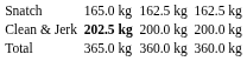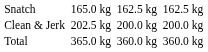 <table>
 <tr>
 <td>Snatch</td>
 <td></td>
 <td>165.0 kg</td>
 <td></td>
 <td>162.5 kg</td>
 <td></td>
 <td>162.5 kg</td>
 </tr>
 <tr>
 <td>Clean & Jerk</td>
 <td></td>
-<td><strong>202.5 kg</strong></td>
+<td>202.5 kg</td>
 <td></td>
 <td>200.0 kg</td>
 <td></td>
 <td>200.0 kg</td>
 </tr>
 <tr>
 <td>Total</td>
 <td></td>
 <td>365.0 kg</td>
 <td></td>
 <td>360.0 kg</td>
 <td></td>
 <td>360.0 kg</td>
 </tr>
 </table>
